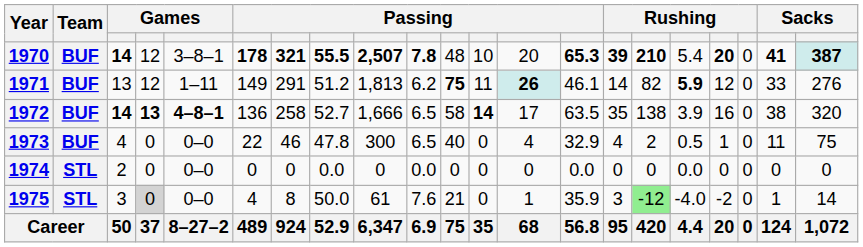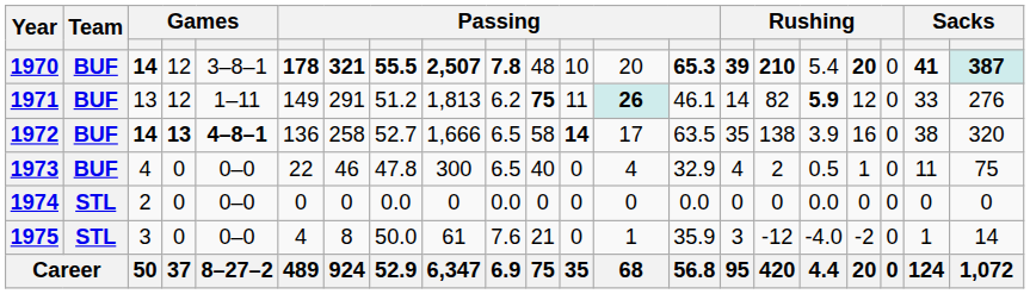 <table class="wikitable" style="text-align:center;">
 <tr>
 <th rowspan="2">Year</th>
 <th rowspan="2">Team</th>
 <th colspan="3">Games</th>
 <th colspan="9">Passing</th>
 <th colspan="5">Rushing</th>
 <th colspan="2">Sacks</th>
 </tr>
 <tr>
 <th></th>
 <th></th>
 <th></th>
 <th></th>
 <th></th>
 <th></th>
 <th></th>
 <th></th>
 <th></th>
 <th></th>
 <th></th>
 <th></th>
 <th></th>
 <th></th>
 <th></th>
 <th></th>
 <th></th>
 <th></th>
 <th></th>
 </tr>
 <tr>
 <th><a href='#'>1970</a></th>
 <th><a href='#'>BUF</a></th>
 <td><strong>14</strong></td>
 <td>12</td>
 <td>3–8–1</td>
 <td><strong>178</strong></td>
 <td><strong>321</strong></td>
 <td><strong>55.5</strong></td>
 <td><strong>2,507</strong></td>
 <td><strong>7.8</strong></td>
 <td>48</td>
 <td>10</td>
 <td>20</td>
 <td><strong>65.3</strong></td>
 <td><strong>39</strong></td>
 <td><strong>210</strong></td>
 <td>5.4</td>
 <td><strong>20</strong></td>
 <td>0</td>
 <td><strong>41</strong></td>
 <td style="background:#cfecec; width:3em;"><strong>387</strong></td>
 </tr>
 <tr>
 <th><a href='#'>1971</a></th>
 <th><a href='#'>BUF</a></th>
 <td>13</td>
 <td>12</td>
 <td>1–11</td>
 <td>149</td>
 <td>291</td>
 <td>51.2</td>
 <td>1,813</td>
 <td>6.2</td>
 <td><strong>75</strong></td>
 <td>11</td>
 <td style="background:#cfecec; width:3em;"><strong>26</strong></td>
 <td>46.1</td>
 <td>14</td>
 <td>82</td>
 <td><strong>5.9</strong></td>
 <td>12</td>
 <td>0</td>
 <td>33</td>
 <td>276</td>
 </tr>
 <tr>
 <th><a href='#'>1972</a></th>
 <th><a href='#'>BUF</a></th>
 <td><strong>14</strong></td>
 <td><strong>13</strong></td>
 <td><strong>4–8–1</strong></td>
 <td>136</td>
 <td>258</td>
 <td>52.7</td>
 <td>1,666</td>
 <td>6.5</td>
 <td>58</td>
 <td><strong>14</strong></td>
 <td>17</td>
 <td>63.5</td>
 <td>35</td>
 <td>138</td>
 <td>3.9</td>
 <td>16</td>
 <td>0</td>
 <td>38</td>
 <td>320</td>
 </tr>
 <tr>
 <th><a href='#'>1973</a></th>
 <th><a href='#'>BUF</a></th>
 <td>4</td>
 <td>0</td>
 <td>0–0</td>
 <td>22</td>
 <td>46</td>
 <td>47.8</td>
 <td>300</td>
 <td>6.5</td>
 <td>40</td>
 <td>0</td>
 <td>4</td>
 <td>32.9</td>
 <td>4</td>
 <td>2</td>
 <td>0.5</td>
 <td>1</td>
 <td>0</td>
 <td>11</td>
 <td>75</td>
 </tr>
 <tr>
 <th><a href='#'>1974</a></th>
 <th><a href='#'>STL</a></th>
 <td>2</td>
 <td>0</td>
 <td>0–0</td>
 <td>0</td>
 <td>0</td>
 <td>0.0</td>
 <td>0</td>
 <td>0.0</td>
 <td>0</td>
 <td>0</td>
 <td>0</td>
 <td>0.0</td>
 <td>0</td>
 <td>0</td>
 <td>0.0</td>
 <td>0</td>
 <td>0</td>
 <td>0</td>
 <td>0</td>
 </tr>
 <tr>
 <th><a href='#'>1975</a></th>
 <th><a href='#'>STL</a></th>
 <td>3</td>
-<td style="background: lightgrey;">0</td>
+<td>0</td>
 <td>0–0</td>
 <td>4</td>
 <td>8</td>
 <td>50.0</td>
 <td>61</td>
 <td>7.6</td>
 <td>21</td>
 <td>0</td>
 <td>1</td>
 <td>35.9</td>
 <td>3</td>
-<td style="background: lightgreen;">-12</td>
+<td>-12</td>
 <td>-4.0</td>
 <td>-2</td>
 <td>0</td>
 <td>1</td>
 <td>14</td>
 </tr>
 <tr>
 <th colspan="2">Career</th>
 <th>50</th>
 <th>37</th>
 <th>8–27–2</th>
 <th>489</th>
 <th>924</th>
 <th>52.9</th>
 <th>6,347</th>
 <th>6.9</th>
 <th>75</th>
 <th>35</th>
 <th>68</th>
 <th>56.8</th>
 <th>95</th>
 <th>420</th>
 <th>4.4</th>
 <th>20</th>
 <th>0</th>
 <th>124</th>
 <th>1,072</th>
 </tr>
 </table>
